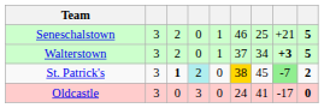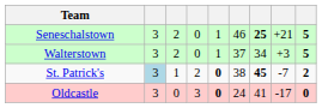 <table class="wikitable" style="text-align:center">
 <tr>
 <th width="175">Team</th>
 <th width="20"></th>
 <th width="20"></th>
 <th width="20"></th>
 <th width="20"></th>
 <th width="20"></th>
 <th width="20"></th>
 <th width="20"></th>
 <th width="20"></th>
 </tr>
 <tr style="background:#cfc;">
 <td><a href='#'>Seneschalstown</a></td>
 <td>3</td>
 <td>2</td>
 <td>0</td>
 <td>1</td>
 <td>46</td>
-<td>25</td>
+<td><strong>25</strong></td>
 <td>+21</td>
 <td><strong>5</strong></td>
 </tr>
 <tr style="background:#cfc;">
 <td><a href='#'>Walterstown</a></td>
 <td>3</td>
 <td>2</td>
 <td>0</td>
 <td>1</td>
 <td>37</td>
 <td>34</td>
-<td><strong>+3</strong></td>
+<td>+3</td>
 <td><strong>5</strong></td>
 </tr>
 <tr>
 <td><a href='#'>St. Patrick's</a></td>
-<td>3</td>
-<td><strong>1</strong></td>
-<td style="background: paleturquoise;">2</td>
-<td>0</td>
-<td style="background: gold;">38</td>
-<td>45</td>
-<td style="background: lightgreen;">-7</td>
+<td style="background: lightblue;">3</td>
+<td>1</td>
+<td>2</td>
+<td><strong>0</strong></td>
+<td>38</td>
+<td><strong>45</strong></td>
+<td>-7</td>
 <td><strong>2</strong></td>
 </tr>
 <tr style="background:#fcc;">
 <td><a href='#'>Oldcastle</a></td>
 <td>3</td>
 <td>0</td>
 <td>3</td>
-<td>0</td>
+<td><strong>0</strong></td>
 <td>24</td>
 <td>41</td>
 <td>-17</td>
 <td><strong>0</strong></td>
 </tr>
 </table>
